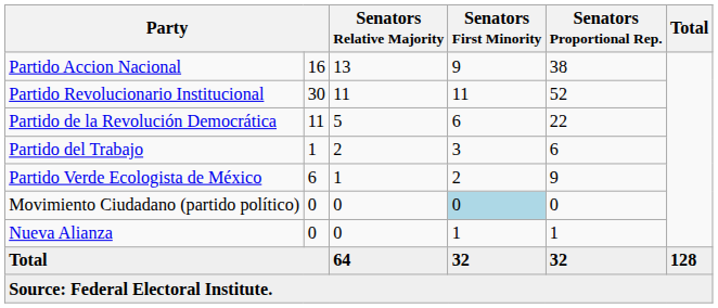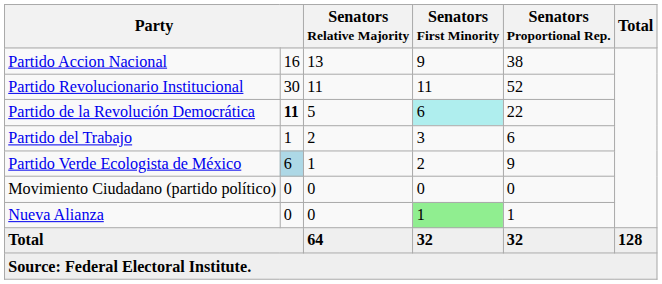 <table class="wikitable">
 <tr style="background:#efefef;">
 <th Colspan=2><strong>Party</strong></th>
 <th><strong>Senators<br><small>Relative Majority</small></strong></th>
 <th><strong>Senators<br><small> First Minority</small></strong></th>
 <th><strong>Senators</strong><br><strong><small>Proportional Rep.</small></strong></th>
 <th><strong>Total</strong></th>
 </tr>
 <tr>
 <td><a href='#'>Partido Accion Nacional</a></td>
 <td>16</td>
 <td>13</td>
 <td>9</td>
 <td>38</td>
 </tr>
 <tr>
 <td><a href='#'>Partido Revolucionario Institucional</a></td>
 <td>30</td>
 <td>11</td>
 <td>11</td>
 <td>52</td>
 </tr>
 <tr>
 <td><a href='#'>Partido de la Revolución Democrática</a></td>
-<td>11</td>
+<td><strong>11</strong></td>
 <td>5</td>
-<td>6</td>
+<td style="background: paleturquoise;">6</td>
 <td>22</td>
 </tr>
 <tr>
 <td><a href='#'>Partido del Trabajo</a></td>
 <td>1</td>
 <td>2</td>
 <td>3</td>
 <td>6</td>
 </tr>
 <tr>
 <td><a href='#'>Partido Verde Ecologista de México</a></td>
-<td>6</td>
+<td style="background: lightblue;">6</td>
 <td>1</td>
 <td>2</td>
 <td>9</td>
 </tr>
 <tr>
 <td>Movimiento Ciudadano (partido político)</td>
 <td>0</td>
 <td>0</td>
-<td style="background: lightblue;">0</td>
+<td>0</td>
 <td>0</td>
 </tr>
 <tr>
 <td><a href='#'>Nueva Alianza</a></td>
 <td>0</td>
 <td>0</td>
-<td>1</td>
+<td style="background: lightgreen;">1</td>
 <td>1</td>
 </tr>
 <tr style="background:#efefef;">
 <td Colspan=2><strong>Total</strong></td>
 <td><strong>64</strong></td>
 <td><strong>32</strong></td>
 <td><strong>32</strong></td>
 <td><strong>128</strong></td>
 </tr>
 <tr style="background:#efefef;">
 <td Colspan=6><strong>Source: Federal Electoral Institute.</strong> </td>
 </tr>
 </table>
